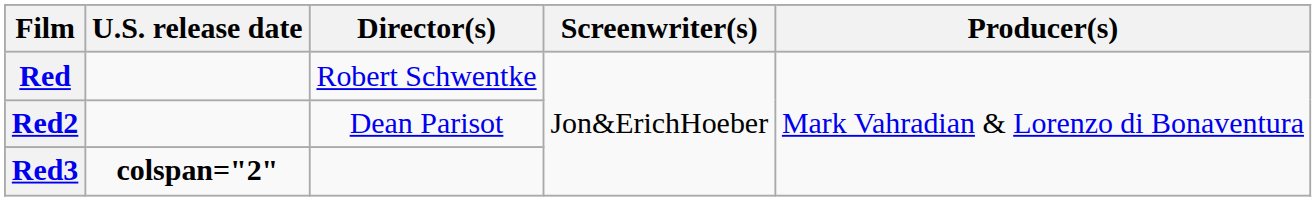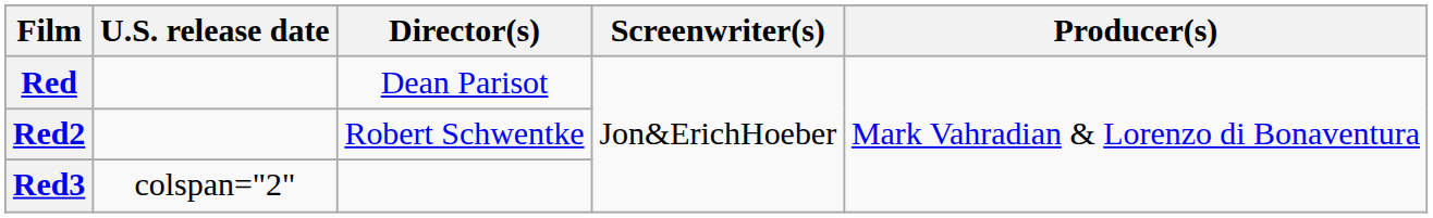 <table class="wikitable plainrowheaders" style="text-align:center;">
 <tr>
 <th>Film</th>
 <th>U.S. release date</th>
 <th>Director(s)</th>
 <th>Screenwriter(s)</th>
 <th>Producer(s)</th>
 </tr>
 <tr>
 <th scope="row"><a href='#'>Red</a></th>
 <td style="text-align:left"></td>
-<td><a href='#'>Robert Schwentke</a></td>
+<td><a href='#'>Dean Parisot</a></td>
 <td rowspan="3">Jon&ErichHoeber</td>
 <td rowspan="3"><a href='#'>Mark Vahradian</a> & <a href='#'>Lorenzo di Bonaventura</a></td>
 </tr>
 <tr>
 <th scope="row"><a href='#'>Red2</a></th>
 <td style="text-align:left"></td>
-<td><a href='#'>Dean Parisot</a></td>
+<td><a href='#'>Robert Schwentke</a></td>
 </tr>
 <tr>
 <th scope="row"><a href='#'>Red3</a></th>
-<td><strong>colspan="2" </strong></td>
+<td>colspan="2" </td>
 </tr>
 </table>
